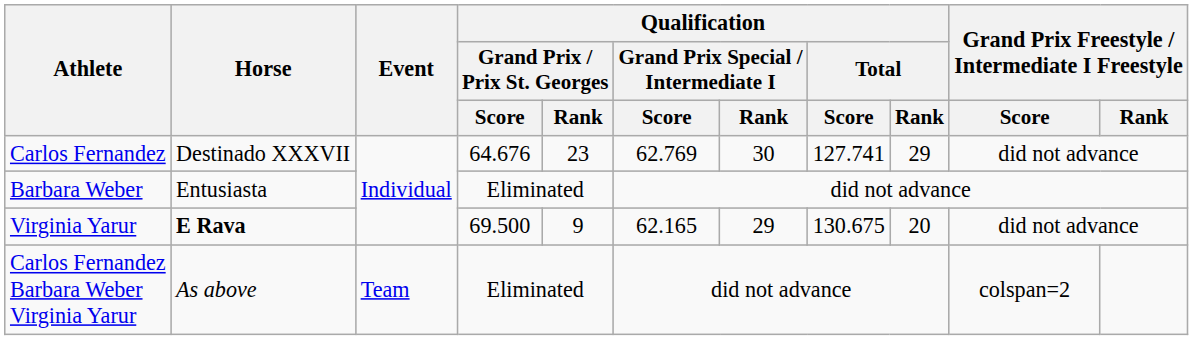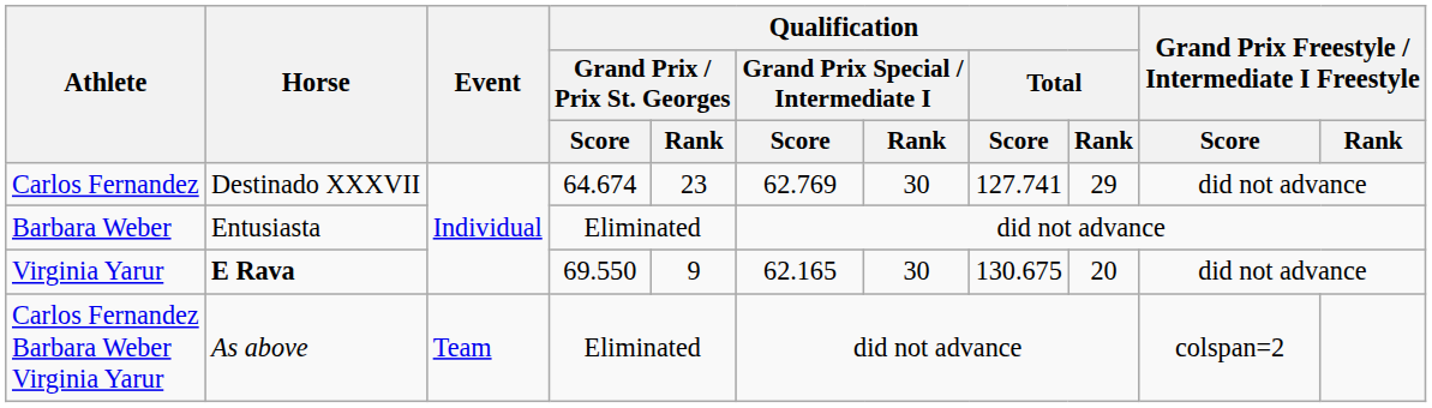 <table class=wikitable style=font-size:90%;text-align:center>
 <tr>
 <th rowspan=3>Athlete</th>
 <th rowspan=3>Horse</th>
 <th rowspan=3>Event</th>
 <th colspan=6>Qualification</th>
 <th colspan=2 rowspan=2>Grand Prix Freestyle /<br>Intermediate I Freestyle</th>
 </tr>
 <tr style=font-size:95%>
 <th colspan=2>Grand Prix /<br>Prix St. Georges</th>
 <th colspan=2>Grand Prix Special /<br>Intermediate I</th>
 <th colspan=2>Total</th>
 </tr>
 <tr style=font-size:95%>
 <th>Score</th>
 <th>Rank</th>
 <th>Score</th>
 <th>Rank</th>
 <th>Score</th>
 <th>Rank</th>
 <th>Score</th>
 <th>Rank</th>
 </tr>
 <tr>
 <td align=left><a href='#'>Carlos Fernandez</a></td>
 <td align=left>Destinado XXXVII</td>
 <td align=left rowspan=3><a href='#'>Individual</a></td>
-<td>64.676</td>
+<td>64.674</td>
 <td>23</td>
 <td>62.769</td>
 <td>30</td>
 <td>127.741</td>
 <td>29</td>
 <td colspan=2>did not advance</td>
 </tr>
 <tr>
 <td align=left><a href='#'>Barbara Weber</a></td>
 <td align=left>Entusiasta</td>
 <td colspan=2>Eliminated</td>
 <td colspan=6>did not advance</td>
 </tr>
 <tr>
 <td align=left><a href='#'>Virginia Yarur</a></td>
 <td align=left><strong>E Rava</strong></td>
-<td>69.500</td>
+<td>69.550</td>
 <td>9</td>
 <td>62.165</td>
-<td>29</td>
+<td>30</td>
 <td>130.675</td>
 <td>20</td>
 <td colspan=2>did not advance</td>
 </tr>
 <tr>
 <td align=left><a href='#'>Carlos Fernandez</a><br><a href='#'>Barbara Weber</a><br><a href='#'>Virginia Yarur</a></td>
 <td align=left><em>As above</em></td>
 <td align=left><a href='#'>Team</a></td>
 <td colspan=2>Eliminated</td>
 <td colspan=4>did not advance</td>
 <td>colspan=2 </td>
 </tr>
 </table>
